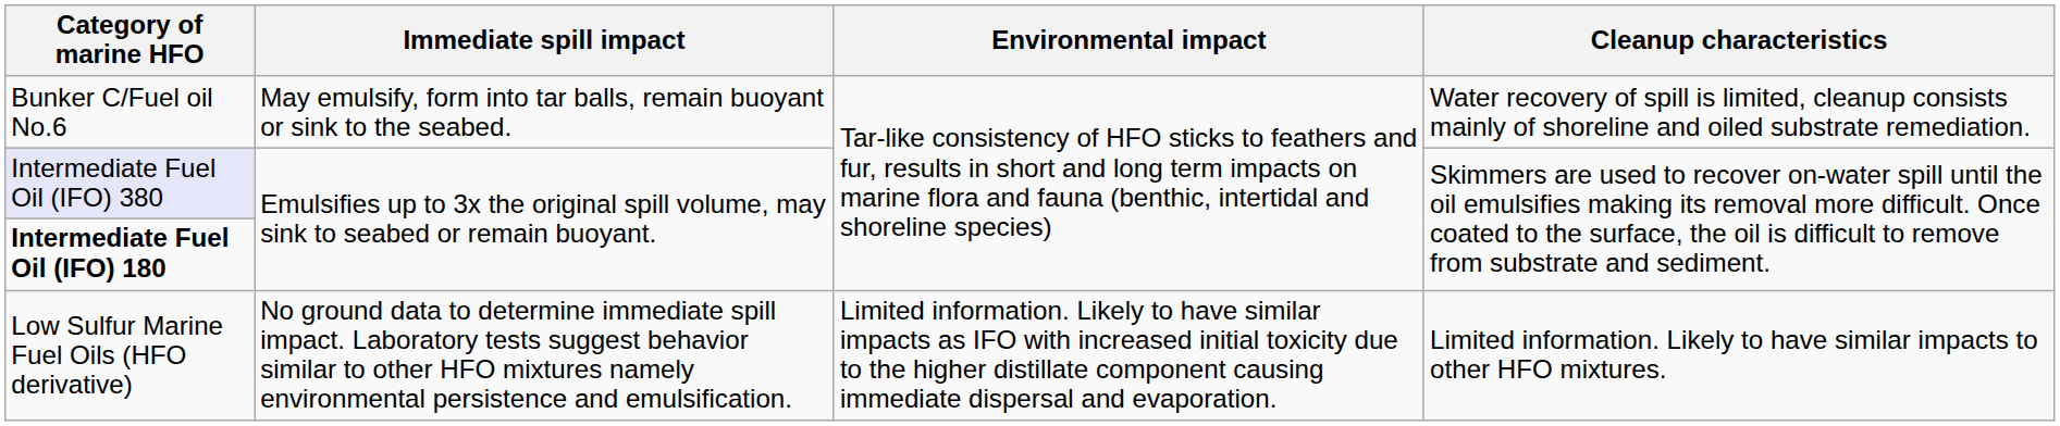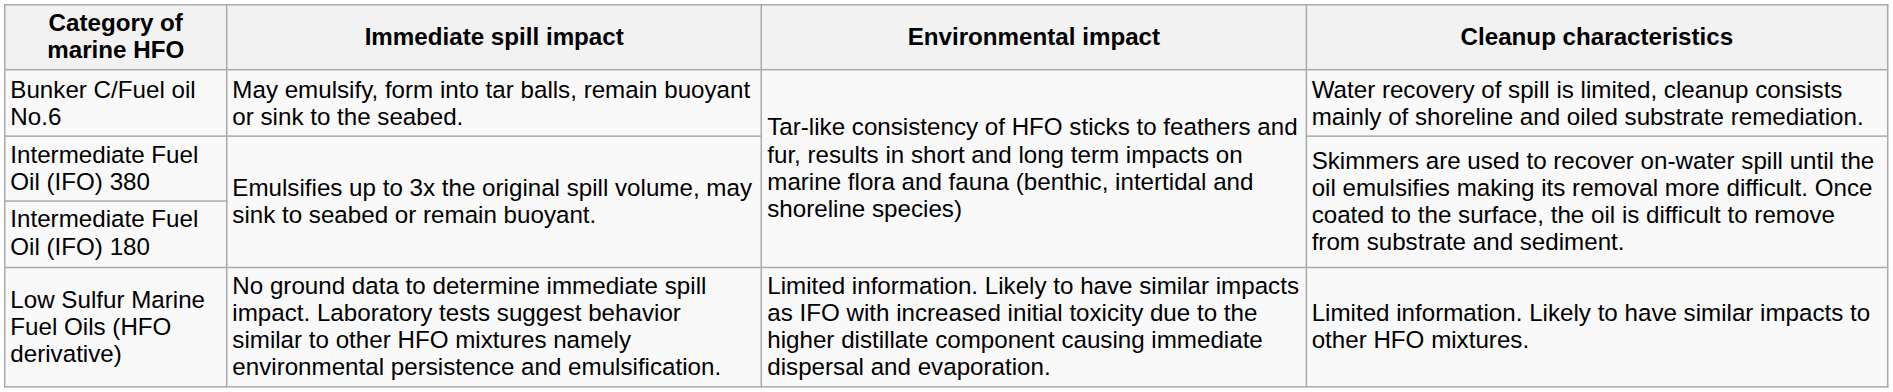 <table class="wikitable">
 <tr>
 <th>Category of marine HFO</th>
 <th>Immediate spill impact</th>
 <th>Environmental impact</th>
 <th>Cleanup characteristics</th>
 </tr>
 <tr>
 <td>Bunker C/Fuel oil No.6</td>
 <td>May emulsify, form into tar balls, remain buoyant or sink to the seabed.</td>
 <td rowspan="3">Tar-like consistency of HFO sticks to feathers and fur, results in short and long term impacts on marine flora and fauna (benthic, intertidal and shoreline species)</td>
 <td>Water recovery of spill is limited, cleanup consists mainly of shoreline and oiled substrate remediation.</td>
 </tr>
 <tr>
-<td style="background: lavender;">Intermediate Fuel Oil (IFO) 380</td>
+<td>Intermediate Fuel Oil (IFO) 380</td>
 <td rowspan="2">Emulsifies up to 3x the original spill volume, may sink to seabed or remain buoyant.</td>
 <td rowspan="2">Skimmers are used to recover on-water spill until the oil emulsifies making its removal more difficult. Once coated to the surface, the oil is difficult to remove from substrate and sediment.</td>
 </tr>
 <tr>
-<td><strong>Intermediate Fuel Oil (IFO) 180</strong></td>
+<td>Intermediate Fuel Oil (IFO) 180</td>
 </tr>
 <tr>
 <td>Low Sulfur Marine Fuel Oils (HFO derivative)</td>
 <td>No ground data to determine immediate spill impact. Laboratory tests suggest behavior similar to other HFO mixtures namely environmental persistence and emulsification.</td>
 <td>Limited information. Likely to have similar impacts as IFO with increased initial toxicity due to the higher distillate component causing immediate dispersal and evaporation.</td>
 <td>Limited information. Likely to have similar impacts to other HFO mixtures.</td>
 </tr>
 </table>
